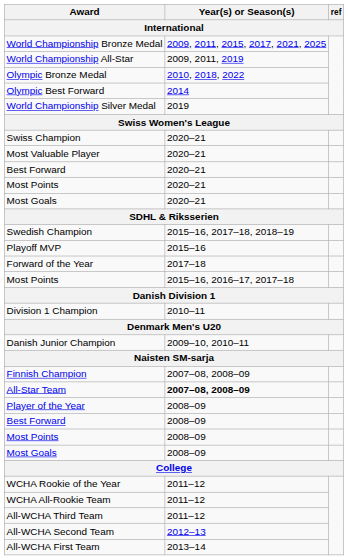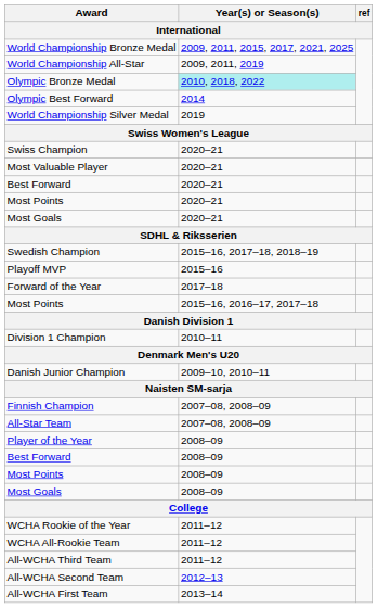 <table class="wikitable">
 <tr>
 <th scope="col">Award</th>
 <th scope="col">Year(s) or Season(s)</th>
 <th scope="col"><small>ref</small></th>
 </tr>
 <tr>
 <th colspan="3" style="text-align:center;">International</th>
 </tr>
 <tr>
 <td><a href='#'>World Championship</a> Bronze Medal</td>
 <td><a href='#'>2009</a>, <a href='#'>2011</a>, <a href='#'>2015</a>, <a href='#'>2017</a>, <a href='#'>2021</a>, <a href='#'>2025</a></td>
 <td rowspan="5"></td>
 </tr>
 <tr>
 <td><a href='#'>World Championship</a> All-Star</td>
 <td>2009, 2011, <a href='#'>2019</a></td>
 </tr>
 <tr>
 <td><a href='#'>Olympic</a> Bronze Medal</td>
-<td><a href='#'>2010</a>, <a href='#'>2018</a>, <a href='#'>2022</a></td>
+<td style="background: paleturquoise;"><a href='#'>2010</a>, <a href='#'>2018</a>, <a href='#'>2022</a></td>
 </tr>
 <tr>
 <td><a href='#'>Olympic</a> Best Forward</td>
 <td><a href='#'>2014</a></td>
 </tr>
 <tr>
 <td><a href='#'>World Championship</a> Silver Medal</td>
 <td>2019</td>
 </tr>
 <tr>
 <th colspan="3" style="text-align:center;">Swiss Women's League</th>
 </tr>
 <tr>
 <td>Swiss Champion</td>
 <td>2020–21</td>
 <td></td>
 </tr>
 <tr>
 <td>Most Valuable Player</td>
 <td>2020–21</td>
 <td></td>
 </tr>
 <tr>
 <td>Best Forward</td>
 <td>2020–21</td>
 <td></td>
 </tr>
 <tr>
 <td>Most Points</td>
 <td>2020–21</td>
 <td></td>
 </tr>
 <tr>
 <td>Most Goals</td>
 <td>2020–21</td>
 <td></td>
 </tr>
 <tr>
 <th colspan="3" style="text-align:center;">SDHL & Riksserien</th>
 </tr>
 <tr>
 <td>Swedish Champion</td>
 <td>2015–16, 2017–18, 2018–19</td>
 <td></td>
 </tr>
 <tr>
 <td>Playoff MVP</td>
 <td>2015–16</td>
 <td></td>
 </tr>
 <tr>
 <td>Forward of the Year</td>
 <td>2017–18</td>
 <td></td>
 </tr>
 <tr>
 <td>Most Points</td>
 <td>2015–16, 2016–17, 2017–18</td>
 <td></td>
 </tr>
 <tr>
 <th colspan="3">Danish Division 1</th>
 </tr>
 <tr>
 <td>Division 1 Champion</td>
 <td>2010–11</td>
 <td></td>
 </tr>
 <tr>
 <th colspan="3" style="text-align:center;">Denmark Men's U20</th>
 </tr>
 <tr>
 <td>Danish Junior Champion</td>
 <td>2009–10, 2010–11</td>
 <td></td>
 </tr>
 <tr>
 <th colspan="3" style="text-align:center;">Naisten SM-sarja</th>
 </tr>
 <tr>
 <td><a href='#'>Finnish Champion</a></td>
 <td>2007–08, 2008–09</td>
 <td></td>
 </tr>
 <tr>
 <td><a href='#'>All-Star Team</a></td>
-<td><strong>2007–08, 2008–09</strong></td>
+<td>2007–08, 2008–09</td>
 <td></td>
 </tr>
 <tr>
 <td><a href='#'>Player of the Year</a></td>
 <td>2008–09</td>
 <td></td>
 </tr>
 <tr>
 <td><a href='#'>Best Forward</a></td>
 <td>2008–09</td>
 <td></td>
 </tr>
 <tr>
 <td><a href='#'>Most Points</a></td>
 <td>2008–09</td>
 <td></td>
 </tr>
 <tr>
 <td><a href='#'>Most Goals</a></td>
 <td>2008–09</td>
 <td></td>
 </tr>
 <tr>
 <th colspan="3" style="text-align:center;"><a href='#'>College</a></th>
 </tr>
 <tr>
 <td>WCHA Rookie of the Year</td>
 <td>2011–12</td>
 <td rowspan="5"></td>
 </tr>
 <tr>
 <td>WCHA All-Rookie Team</td>
 <td>2011–12</td>
 </tr>
 <tr>
 <td>All-WCHA Third Team</td>
 <td>2011–12</td>
 </tr>
 <tr>
 <td>All-WCHA Second Team</td>
 <td><a href='#'>2012–13</a></td>
 </tr>
 <tr>
 <td>All-WCHA First Team</td>
 <td>2013–14</td>
 </tr>
 </table>
